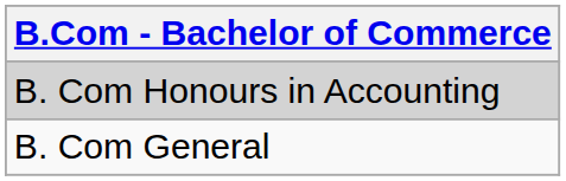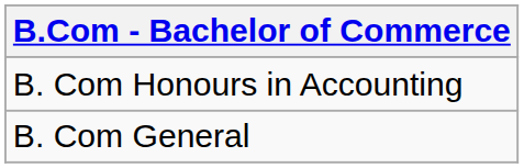 <table class="wikitable">
 <tr>
 <th><a href='#'>B.Com - Bachelor of Commerce</a></th>
 </tr>
 <tr>
-<td style="background: lightgrey;">B. Com Honours in Accounting</td>
+<td>B. Com Honours in Accounting</td>
 </tr>
 <tr>
 <td>B. Com General</td>
 </tr>
 </table>
